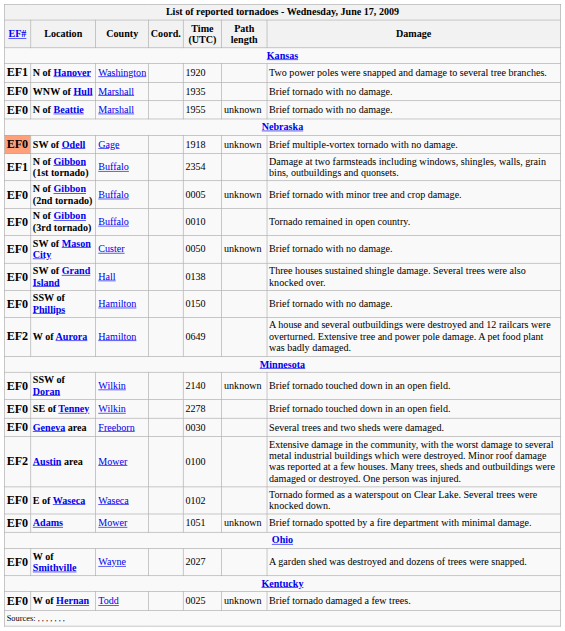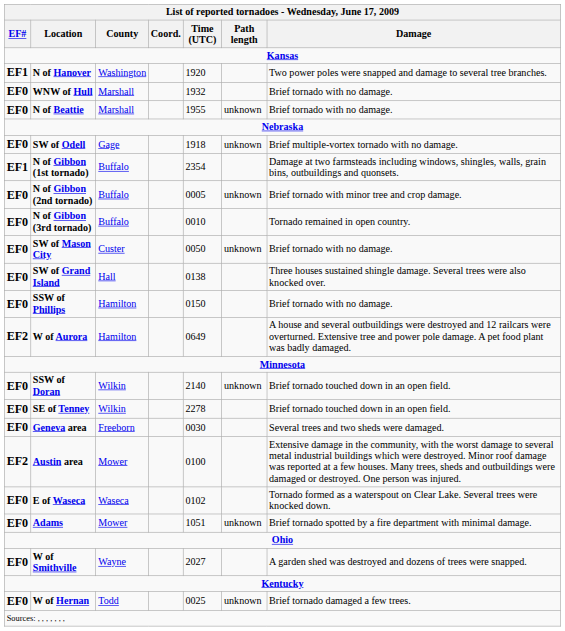 <table class="wikitable collapsible" width="100%">
 <tr>
 <th colspan="7">List of reported tornadoes - Wednesday, June 17, 2009</th>
 </tr>
 <tr>
 <th><a href='#'>EF#</a></th>
 <th>Location</th>
 <th>County</th>
 <th>Coord.</th>
 <th>Time (UTC)</th>
 <th>Path length</th>
 <th>Damage</th>
 </tr>
 <tr>
 <td colspan="7" align=center><strong><a href='#'>Kansas</a></strong></td>
 </tr>
 <tr>
 <td><big><strong>EF1</strong></big></td>
 <td><strong>N of <a href='#'>Hanover</a></strong></td>
 <td><a href='#'>Washington</a></td>
 <td></td>
 <td>1920</td>
 <td></td>
 <td>Two power poles were snapped and damage to several tree branches.</td>
 </tr>
 <tr>
 <td><big><strong>EF0</strong></big></td>
 <td><strong>WNW of <a href='#'>Hull</a></strong></td>
 <td><a href='#'>Marshall</a></td>
 <td></td>
-<td>1935</td>
+<td>1932</td>
 <td></td>
 <td>Brief tornado with no damage.</td>
 </tr>
 <tr>
 <td><big><strong>EF0</strong></big></td>
 <td><strong>N of <a href='#'>Beattie</a></strong></td>
 <td><a href='#'>Marshall</a></td>
 <td></td>
 <td>1955</td>
 <td>unknown</td>
 <td>Brief tornado with no damage.</td>
 </tr>
 <tr>
 <td colspan="7" align=center><strong><a href='#'>Nebraska</a></strong></td>
 </tr>
 <tr>
-<td style="background: lightsalmon;"><big><strong>EF0</strong></big></td>
+<td><big><strong>EF0</strong></big></td>
 <td><strong>SW of <a href='#'>Odell</a></strong></td>
 <td><a href='#'>Gage</a></td>
 <td></td>
 <td>1918</td>
 <td>unknown</td>
 <td>Brief multiple-vortex tornado with no damage.</td>
 </tr>
 <tr>
 <td><big><strong>EF1</strong></big></td>
 <td><strong>N of <a href='#'>Gibbon</a> (1st tornado)</strong></td>
 <td><a href='#'>Buffalo</a></td>
 <td></td>
 <td>2354</td>
 <td></td>
 <td>Damage at two farmsteads including windows, shingles, walls, grain bins, outbuildings and quonsets.</td>
 </tr>
 <tr>
 <td><big><strong>EF0</strong></big></td>
 <td><strong>N of <a href='#'>Gibbon</a> (2nd tornado)</strong></td>
 <td><a href='#'>Buffalo</a></td>
 <td></td>
 <td>0005</td>
 <td>unknown</td>
 <td>Brief tornado with minor tree and crop damage.</td>
 </tr>
 <tr>
 <td><big><strong>EF0</strong></big></td>
 <td><strong>N of <a href='#'>Gibbon</a> (3rd tornado)</strong></td>
 <td><a href='#'>Buffalo</a></td>
 <td></td>
 <td>0010</td>
 <td></td>
 <td>Tornado remained in open country.</td>
 </tr>
 <tr>
 <td><big><strong>EF0</strong></big></td>
 <td><strong>SW of <a href='#'>Mason City</a></strong></td>
 <td><a href='#'>Custer</a></td>
 <td></td>
 <td>0050</td>
 <td>unknown</td>
 <td>Brief tornado with no damage.</td>
 </tr>
 <tr>
 <td><big><strong>EF0</strong></big></td>
 <td><strong>SW of <a href='#'>Grand Island</a></strong></td>
 <td><a href='#'>Hall</a></td>
 <td></td>
 <td>0138</td>
 <td></td>
 <td>Three houses sustained shingle damage. Several trees were also knocked over.</td>
 </tr>
 <tr>
 <td><big><strong>EF0</strong></big></td>
 <td><strong>SSW of <a href='#'>Phillips</a></strong></td>
 <td><a href='#'>Hamilton</a></td>
 <td></td>
 <td>0150</td>
 <td></td>
 <td>Brief tornado with no damage.</td>
 </tr>
 <tr>
 <td><big><strong>EF2</strong></big></td>
 <td><strong>W of <a href='#'>Aurora</a></strong></td>
 <td><a href='#'>Hamilton</a></td>
 <td></td>
 <td>0649</td>
 <td></td>
 <td>A house and several outbuildings were destroyed and 12 railcars were overturned. Extensive tree and power pole damage. A pet food plant was badly damaged.</td>
 </tr>
 <tr>
 <td colspan="7" align=center><strong><a href='#'>Minnesota</a></strong></td>
 </tr>
 <tr>
 <td><big><strong>EF0</strong></big></td>
 <td><strong>SSW of <a href='#'>Doran</a></strong></td>
 <td><a href='#'>Wilkin</a></td>
 <td></td>
 <td>2140</td>
 <td>unknown</td>
 <td>Brief tornado touched down in an open field.</td>
 </tr>
 <tr>
 <td><big><strong>EF0</strong></big></td>
 <td><strong>SE of <a href='#'>Tenney</a></strong></td>
 <td><a href='#'>Wilkin</a></td>
 <td></td>
 <td>2278</td>
 <td></td>
 <td>Brief tornado touched down in an open field.</td>
 </tr>
 <tr>
 <td><big><strong>EF0</strong></big></td>
 <td><strong><a href='#'>Geneva</a> area</strong></td>
 <td><a href='#'>Freeborn</a></td>
 <td></td>
 <td>0030</td>
 <td></td>
 <td>Several trees and two sheds were damaged.</td>
 </tr>
 <tr>
 <td><big><strong>EF2</strong></big></td>
 <td><strong><a href='#'>Austin</a> area</strong></td>
 <td><a href='#'>Mower</a></td>
 <td></td>
 <td>0100</td>
 <td></td>
 <td>Extensive damage in the community, with the worst damage to several metal industrial buildings which were destroyed. Minor roof damage was reported at a few houses. Many trees, sheds and outbuildings were damaged or destroyed. One person was injured.</td>
 </tr>
 <tr>
 <td><big><strong>EF0</strong></big></td>
 <td><strong>E of <a href='#'>Waseca</a></strong></td>
 <td><a href='#'>Waseca</a></td>
 <td></td>
 <td>0102</td>
 <td></td>
 <td>Tornado formed as a waterspout on Clear Lake. Several trees were knocked down.</td>
 </tr>
 <tr>
 <td><big><strong>EF0</strong></big></td>
 <td><strong><a href='#'>Adams</a></strong></td>
 <td><a href='#'>Mower</a></td>
 <td></td>
 <td>1051</td>
 <td>unknown</td>
 <td>Brief tornado spotted by a fire department with minimal damage.</td>
 </tr>
 <tr>
 <td colspan="7" align=center><strong><a href='#'>Ohio</a></strong></td>
 </tr>
 <tr>
 <td><big><strong>EF0</strong></big></td>
 <td><strong>W of <a href='#'>Smithville</a></strong></td>
 <td><a href='#'>Wayne</a></td>
 <td></td>
 <td>2027</td>
 <td></td>
 <td>A garden shed was destroyed and dozens of trees were snapped.</td>
 </tr>
 <tr>
 <td colspan="7" align=center><strong><a href='#'>Kentucky</a></strong></td>
 </tr>
 <tr>
 <td><big><strong>EF0</strong></big></td>
 <td><strong>W of <a href='#'>Hernan</a></strong></td>
 <td><a href='#'>Todd</a></td>
 <td></td>
 <td>0025</td>
 <td>unknown</td>
 <td>Brief tornado damaged a few trees.</td>
 </tr>
 <tr>
 <td colspan="7"><small>Sources: , , , , , , , </small></td>
 </tr>
 </table>
